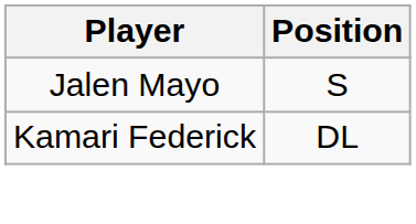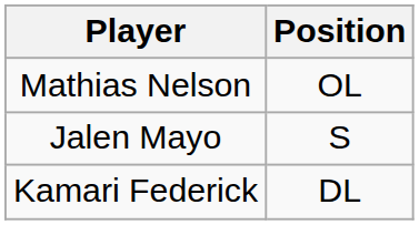 <table class="wikitable" style="text-align: center">
 <tr align=center>
 <th>Player</th>
 <th>Position</th>
+</tr>
+<tr>
+<td>Mathias Nelson</td>
+<td>OL</td>
 </tr>
 <tr>
 <td>Jalen Mayo</td>
 <td>S</td>
 </tr>
 <tr>
 <td>Kamari Federick</td>
 <td>DL</td>
 </tr>
 </table>
